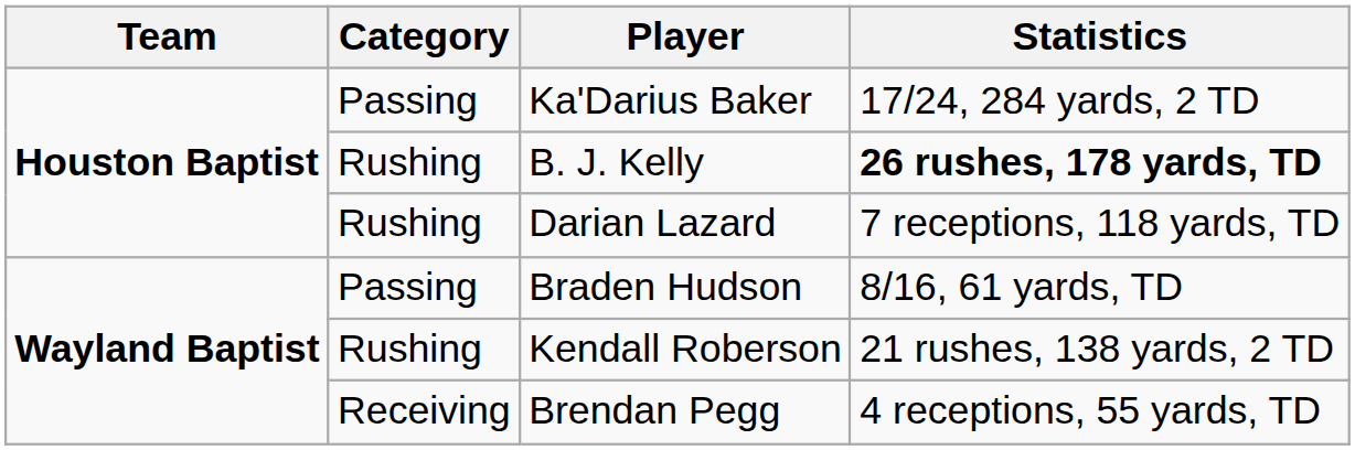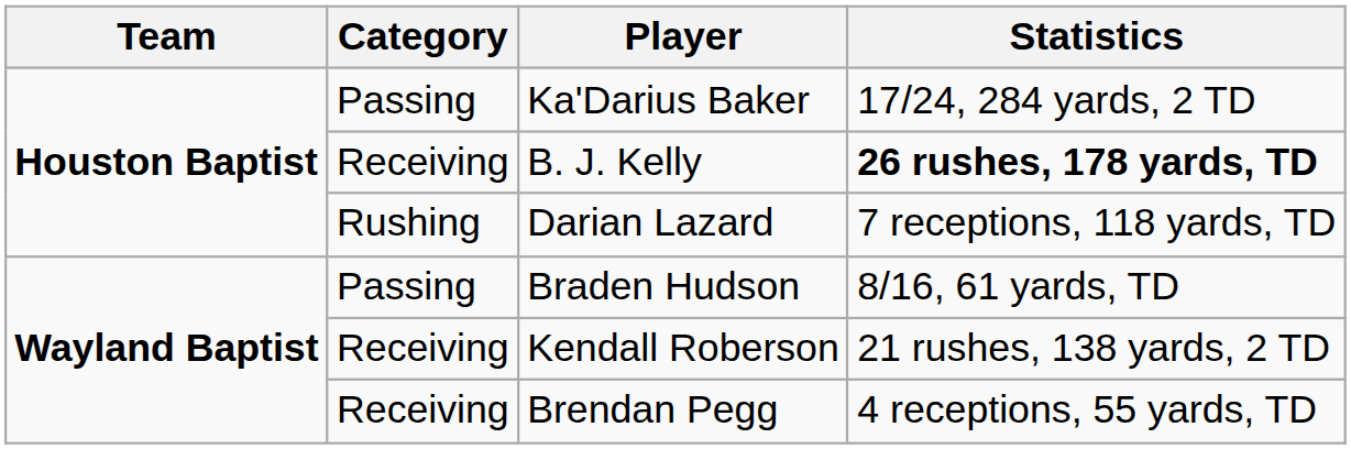 <table class="wikitable" style="float: left;">
 <tr>
 <th>Team</th>
 <th>Category</th>
 <th>Player</th>
 <th>Statistics</th>
 </tr>
 <tr>
 <td rowspan=3><strong>Houston Baptist</strong></td>
 <td>Passing</td>
 <td>Ka'Darius Baker</td>
 <td>17/24, 284 yards, 2 TD</td>
 </tr>
 <tr>
-<td>Rushing</td>
+<td>Receiving</td>
 <td>B. J. Kelly</td>
 <td><strong>26 rushes, 178 yards, TD</strong></td>
 </tr>
 <tr>
 <td>Rushing</td>
 <td>Darian Lazard</td>
 <td>7 receptions, 118 yards, TD</td>
 </tr>
 <tr>
 <td rowspan=3><strong>Wayland Baptist</strong></td>
 <td>Passing</td>
 <td>Braden Hudson</td>
 <td>8/16, 61 yards, TD</td>
 </tr>
 <tr>
-<td>Rushing</td>
+<td>Receiving</td>
 <td>Kendall Roberson</td>
 <td>21 rushes, 138 yards, 2 TD</td>
 </tr>
 <tr>
 <td>Receiving</td>
 <td>Brendan Pegg</td>
 <td>4 receptions, 55 yards, TD</td>
 </tr>
 </table>
